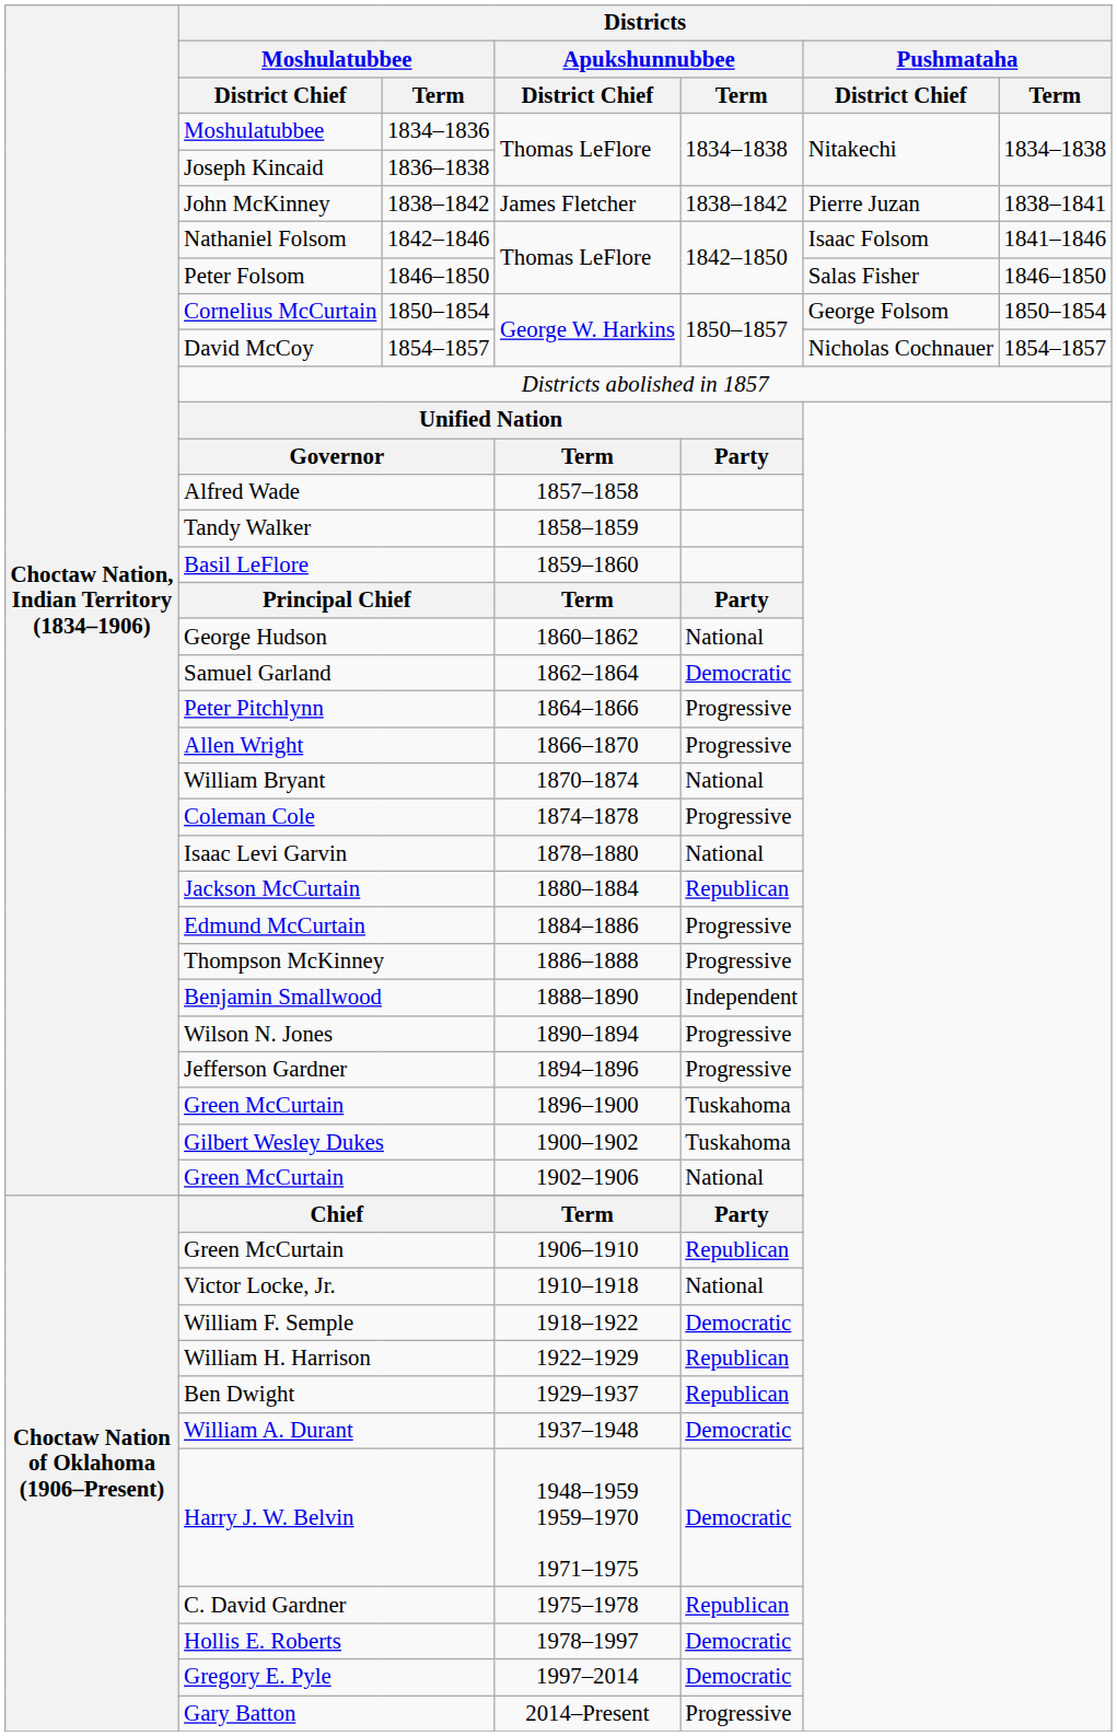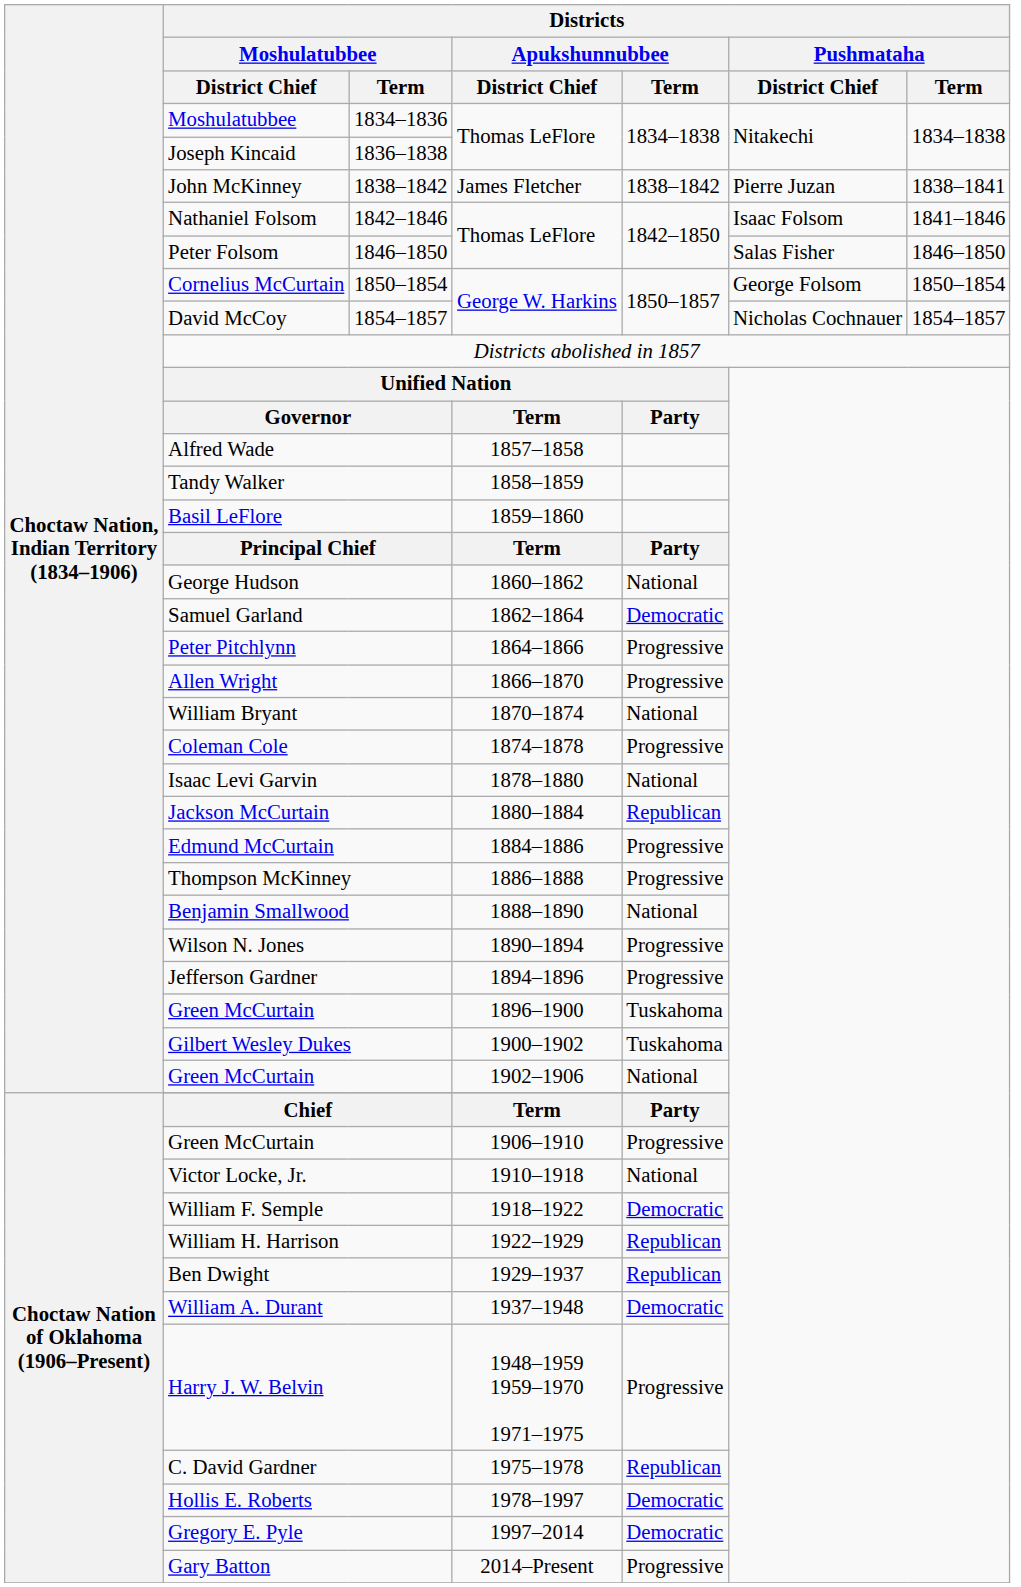 <table class="wikitable">
 <tr>
 <th rowspan="33" style="text-align: center; font-weight: bold;">Choctaw Nation,<br>Indian Territory<br>(1834–1906)</th>
 <th colspan="6" style="text-align: center; font-weight: bold;">Districts</th>
 </tr>
 <tr>
 <th colspan="2" style="text-align: center; font-weight: bold;"><a href='#'>Moshulatubbee</a></th>
 <th colspan="2" style="text-align: center; font-weight: bold;"><a href='#'>Apukshunnubbee</a></th>
 <th colspan="2" style="text-align: center; font-weight: bold;"><a href='#'>Pushmataha</a></th>
 </tr>
 <tr>
 <th style="text-align: center; font-weight: bold;">District Chief</th>
 <th style="text-align: center; font-weight: bold;">Term</th>
 <th style="text-align: center; font-weight: bold;">District Chief</th>
 <th style="text-align: center; font-weight: bold;">Term</th>
 <th style="text-align: center; font-weight: bold;">District Chief</th>
 <th style="text-align: center; font-weight: bold;">Term</th>
 </tr>
 <tr>
 <td><a href='#'>Moshulatubbee</a></td>
 <td>1834–1836</td>
 <td rowspan="2">Thomas LeFlore</td>
 <td rowspan="2">1834–1838</td>
 <td rowspan="2">Nitakechi</td>
 <td rowspan="2">1834–1838</td>
 </tr>
 <tr>
 <td>Joseph Kincaid</td>
 <td>1836–1838</td>
 </tr>
 <tr>
 <td>John McKinney</td>
 <td>1838–1842</td>
 <td>James Fletcher</td>
 <td>1838–1842</td>
 <td>Pierre Juzan</td>
 <td>1838–1841</td>
 </tr>
 <tr>
 <td>Nathaniel Folsom</td>
 <td>1842–1846</td>
 <td rowspan="2">Thomas LeFlore</td>
 <td rowspan="2">1842–1850</td>
 <td>Isaac Folsom</td>
 <td>1841–1846</td>
 </tr>
 <tr>
 <td>Peter Folsom</td>
 <td>1846–1850</td>
 <td>Salas Fisher</td>
 <td>1846–1850</td>
 </tr>
 <tr>
 <td><a href='#'>Cornelius McCurtain</a></td>
 <td>1850–1854</td>
 <td rowspan="2"><a href='#'>George W. Harkins</a></td>
 <td rowspan="2">1850–1857</td>
 <td>George Folsom</td>
 <td>1850–1854</td>
 </tr>
 <tr>
 <td>David McCoy</td>
 <td>1854–1857</td>
 <td>Nicholas Cochnauer</td>
 <td>1854–1857</td>
 </tr>
 <tr>
 <td colspan="6" style="text-align: center; font-style: italic;">Districts abolished in 1857</td>
 </tr>
 <tr>
 <th colspan="4" style="text-align: center; font-weight: bold;">Unified Nation</th>
 </tr>
 <tr>
 <th colspan="2" style="text-align: center; font-weight: bold;">Governor</th>
 <th style="text-align: center; font-weight: bold;">Term</th>
 <th style="text-align: center; font-weight: bold;">Party</th>
 </tr>
 <tr>
 <td colspan="2">Alfred Wade</td>
 <td style="text-align: center;">1857–1858</td>
 <td style="text-align: center;"></td>
 </tr>
 <tr>
 <td colspan="2">Tandy Walker</td>
 <td style="text-align: center;">1858–1859</td>
 <td style="text-align: center;"></td>
 </tr>
 <tr>
 <td colspan="2"><a href='#'>Basil LeFlore</a></td>
 <td style="text-align: center;">1859–1860</td>
 <td style="text-align: center;"></td>
 </tr>
 <tr>
 <th colspan="2" style="text-align: center; font-weight: bold;">Principal Chief</th>
 <th style="text-align: center; font-weight: bold;">Term</th>
 <th style="text-align: center; font-weight: bold;">Party</th>
 </tr>
 <tr>
 <td colspan="2">George Hudson</td>
 <td style="text-align: center;">1860–1862</td>
 <td style="background:">National</td>
 </tr>
 <tr>
 <td colspan="2">Samuel Garland</td>
 <td style="text-align: center;">1862–1864</td>
 <td><a href='#'>Democratic</a></td>
 </tr>
 <tr>
 <td colspan="2"><a href='#'>Peter Pitchlynn</a></td>
 <td style="text-align: center;">1864–1866</td>
 <td style="background:">Progressive</td>
 </tr>
 <tr>
 <td colspan="2"><a href='#'>Allen Wright</a></td>
 <td style="text-align: center;">1866–1870</td>
 <td style="background:">Progressive</td>
 </tr>
 <tr>
 <td colspan="2">William Bryant</td>
 <td style="text-align: center;">1870–1874</td>
 <td style="background:">National</td>
 </tr>
 <tr>
 <td colspan="2"><a href='#'>Coleman Cole</a></td>
 <td style="text-align: center;">1874–1878</td>
 <td style="background:">Progressive</td>
 </tr>
 <tr>
 <td colspan="2">Isaac Levi Garvin</td>
 <td style="text-align: center;">1878–1880</td>
 <td style="background:">National</td>
 </tr>
 <tr>
 <td colspan="2"><a href='#'>Jackson McCurtain</a></td>
 <td style="text-align: center;">1880–1884</td>
 <td><a href='#'>Republican</a></td>
 </tr>
 <tr>
 <td colspan="2"><a href='#'>Edmund McCurtain</a></td>
 <td style="text-align: center;">1884–1886</td>
 <td style="background:">Progressive</td>
 </tr>
 <tr>
 <td colspan="2">Thompson McKinney</td>
 <td style="text-align: center;">1886–1888</td>
 <td style="background:">Progressive</td>
 </tr>
 <tr>
 <td colspan="2"><a href='#'>Benjamin Smallwood</a></td>
 <td style="text-align: center;">1888–1890</td>
-<td style="background:">Independent</td>
+<td style="background:">National</td>
 </tr>
 <tr>
 <td colspan="2">Wilson N. Jones</td>
 <td style="text-align: center;">1890–1894</td>
 <td style="background:">Progressive</td>
 </tr>
 <tr>
 <td colspan="2">Jefferson Gardner</td>
 <td style="text-align: center;">1894–1896</td>
 <td style="background:">Progressive</td>
 </tr>
 <tr>
 <td colspan="2"><a href='#'>Green McCurtain</a></td>
 <td style="text-align: center;">1896–1900</td>
 <td style="background-color:">Tuskahoma</td>
 </tr>
 <tr>
 <td colspan="2"><a href='#'>Gilbert Wesley Dukes</a></td>
 <td style="text-align: center;">1900–1902</td>
 <td style="background-color:">Tuskahoma</td>
 </tr>
 <tr>
 <td colspan="2"><a href='#'>Green McCurtain</a></td>
 <td style="text-align: center;">1902–1906</td>
 <td style="background:">National</td>
 </tr>
 <tr>
 <th rowspan="13" style="text-align: center; font-weight: bold;">Choctaw Nation<br>of Oklahoma<br>(1906–Present)</th>
 </tr>
 <tr>
 <th colspan="2" style="text-align: center; font-weight: bold;">Chief</th>
 <th style="text-align: center; font-weight: bold;">Term</th>
 <th style="text-align: center; font-weight: bold;">Party</th>
 </tr>
 <tr>
 <td colspan="2">Green McCurtain</td>
 <td style="text-align: center;">1906–1910<br></td>
-<td><a href='#'>Republican</a></td>
+<td style="background:">Progressive</td>
 </tr>
 <tr>
 <td colspan="2">Victor Locke, Jr.</td>
 <td style="text-align: center;">1910–1918<br></td>
 <td style="background:">National</td>
 </tr>
 <tr>
 <td colspan="2">William F. Semple</td>
 <td style="text-align: center;">1918–1922<br></td>
 <td><a href='#'>Democratic</a></td>
 </tr>
 <tr>
 <td colspan="2">William H. Harrison</td>
 <td style="text-align: center;">1922–1929<br></td>
 <td><a href='#'>Republican</a></td>
 </tr>
 <tr>
 <td colspan="2">Ben Dwight</td>
 <td style="text-align: center;">1929–1937<br></td>
 <td><a href='#'>Republican</a></td>
 </tr>
 <tr>
 <td colspan="2"><a href='#'>William A. Durant</a></td>
 <td style="text-align: center;">1937–1948<br></td>
 <td><a href='#'>Democratic</a></td>
 </tr>
 <tr>
 <td colspan="2"><a href='#'>Harry J. W. Belvin</a></td>
 <td style="text-align: center;"><br>1948–1959<br>1959–1970<br><br>1971–1975</td>
-<td><a href='#'>Democratic</a></td>
+<td style="background:">Progressive</td>
 </tr>
 <tr>
 <td colspan="2">C. David Gardner</td>
 <td style="text-align: center;">1975–1978</td>
 <td><a href='#'>Republican</a></td>
 </tr>
 <tr>
 <td colspan="2"><a href='#'>Hollis E. Roberts</a></td>
 <td style="text-align: center;">1978–1997</td>
 <td><a href='#'>Democratic</a></td>
 </tr>
 <tr>
 <td colspan="2"><a href='#'>Gregory E. Pyle</a></td>
 <td style="text-align: center;">1997–2014</td>
 <td><a href='#'>Democratic</a></td>
 </tr>
 <tr>
 <td colspan="2"><a href='#'>Gary Batton</a></td>
 <td style="text-align: center;">2014–Present</td>
 <td style="background:">Progressive</td>
 </tr>
 </table>
